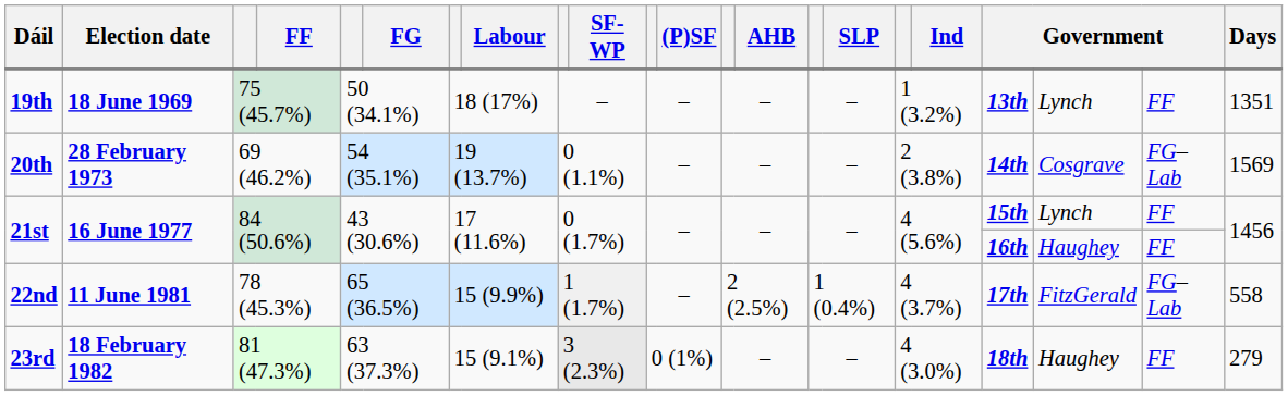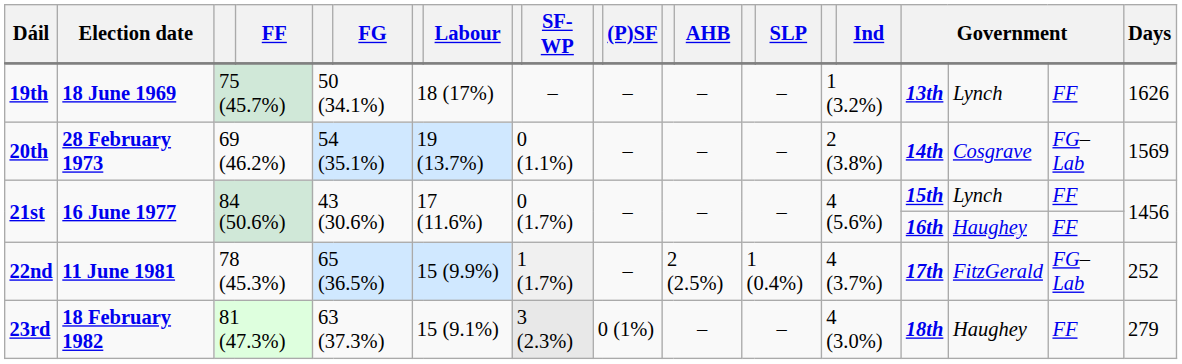 <table class="wikitable" style="font-size:95%;">
 <tr style="text-align: center; background: #efefefefefef; border-bottom: 2px solid gray;">
 <th>Dáil</th>
 <th>Election date</th>
 <th style="background-color: "></th>
 <th><a href='#'>FF</a></th>
 <th style="background-color: "></th>
 <th><a href='#'>FG</a></th>
 <th style="background-color: "></th>
 <th><a href='#'>Labour</a></th>
 <th style="background-color: "></th>
 <th><a href='#'>SF-WP</a></th>
 <th style="background-color: "></th>
 <th><a href='#'>(P)SF</a></th>
 <th style="background-color: "></th>
 <th><a href='#'>AHB</a></th>
 <th style="background-color: "></th>
 <th><a href='#'>SLP</a></th>
 <th style="background-color: "></th>
 <th><a href='#'>Ind</a></th>
 <th colspan="3">Government</th>
 <th>Days</th>
 </tr>
 <tr>
 <td><strong><a href='#'>19th</a></strong></td>
 <td><strong><a href='#'>18 June 1969</a></strong></td>
 <td colspan=2 style="background-color: #D0E8D8">75 (45.7%)</td>
 <td colspan=2>50 (34.1%)</td>
 <td colspan=2>18 (17%)</td>
 <td colspan=2 align=center>–</td>
 <td colspan=2 align=center>–</td>
 <td colspan=2 align=center>–</td>
 <td colspan=2 align=center>–</td>
 <td colspan=2>1 (3.2%)</td>
 <td><a href='#'><strong><em>13th</em></strong></a></td>
 <td><em>Lynch</em></td>
 <td><a href='#'><em>FF</em></a></td>
-<td>1351</td>
+<td>1626</td>
 </tr>
 <tr>
 <td><strong><a href='#'>20th</a></strong></td>
 <td><strong><a href='#'>28 February 1973</a></strong></td>
 <td colspan=2>69 (46.2%)</td>
 <td colspan=2 style="background-color: #D0E8FF">54 (35.1%)</td>
 <td colspan=2 style="background-color: #D0E8FF">19 (13.7%)</td>
 <td colspan=2>0 (1.1%)</td>
 <td colspan=2 align=center>–</td>
 <td colspan=2 align=center>–</td>
 <td colspan=2 align=center>–</td>
 <td colspan=2>2 (3.8%)</td>
 <td><a href='#'><strong><em>14th</em></strong></a></td>
 <td><em><a href='#'>Cosgrave</a></em></td>
 <td><em><a href='#'>FG</a>–<a href='#'>Lab</a></em></td>
 <td>1569</td>
 </tr>
 <tr style="line-height:16px;">
 <td rowspan=2><strong><a href='#'>21st</a></strong></td>
 <td rowspan=2><strong><a href='#'>16 June 1977</a></strong></td>
 <td rowspan=2 colspan=2 style="background-color: #D0E8D8">84 (50.6%)</td>
 <td rowspan=2 colspan=2>43 (30.6%)</td>
 <td rowspan=2 colspan=2>17 (11.6%)</td>
 <td rowspan=2 colspan=2>0 (1.7%)</td>
 <td rowspan=2 colspan=2 align=center>–</td>
 <td rowspan=2 colspan=2 align=center>–</td>
 <td rowspan=2 colspan=2 align=center>–</td>
 <td rowspan=2 colspan=2>4 (5.6%)</td>
 <td><a href='#'><strong><em>15th</em></strong></a></td>
 <td><em>Lynch</em></td>
 <td><a href='#'><em>FF</em></a></td>
 <td rowspan=2>1456</td>
 </tr>
 <tr style="line-height:16px;">
 <td><a href='#'><strong><em>16th</em></strong></a></td>
 <td><em><a href='#'>Haughey</a></em></td>
 <td><a href='#'><em>FF</em></a></td>
 </tr>
 <tr>
 <td><strong><a href='#'>22nd</a></strong></td>
 <td><strong><a href='#'>11 June 1981</a></strong></td>
 <td colspan=2>78 (45.3%)</td>
 <td colspan=2 style="background-color: #D0E8FF">65 (36.5%)</td>
 <td colspan=2 style="background-color: #D0E8FF">15 (9.9%)</td>
 <td colspan=2 style="background-color: #F0F0F0">1 (1.7%)</td>
 <td colspan=2 align=center>–</td>
 <td colspan=2>2 (2.5%)</td>
 <td colspan=2>1 (0.4%)</td>
 <td colspan=2>4 (3.7%)</td>
 <td><a href='#'><strong><em>17th</em></strong></a></td>
 <td><em><a href='#'>FitzGerald</a></em></td>
 <td><em><a href='#'>FG</a>–<a href='#'>Lab</a></em></td>
-<td>558</td>
+<td>252</td>
 </tr>
 <tr>
 <td><strong><a href='#'>23rd</a></strong></td>
 <td><strong><a href='#'>18 February 1982</a></strong></td>
 <td colspan=2 style="background-color: #DEFFDE">81 (47.3%)</td>
 <td colspan=2>63 (37.3%)</td>
 <td colspan=2>15 (9.1%)</td>
 <td colspan=2 style="background-color: #E8E8E8">3 (2.3%)</td>
 <td colspan=2>0 (1%)</td>
 <td colspan=2 align=center>–</td>
 <td colspan=2 align=center>–</td>
 <td colspan=2>4 (3.0%)</td>
 <td><a href='#'><strong><em>18th</em></strong></a></td>
 <td><em>Haughey</em></td>
 <td><a href='#'><em>FF</em></a></td>
 <td>279</td>
 </tr>
 </table>
